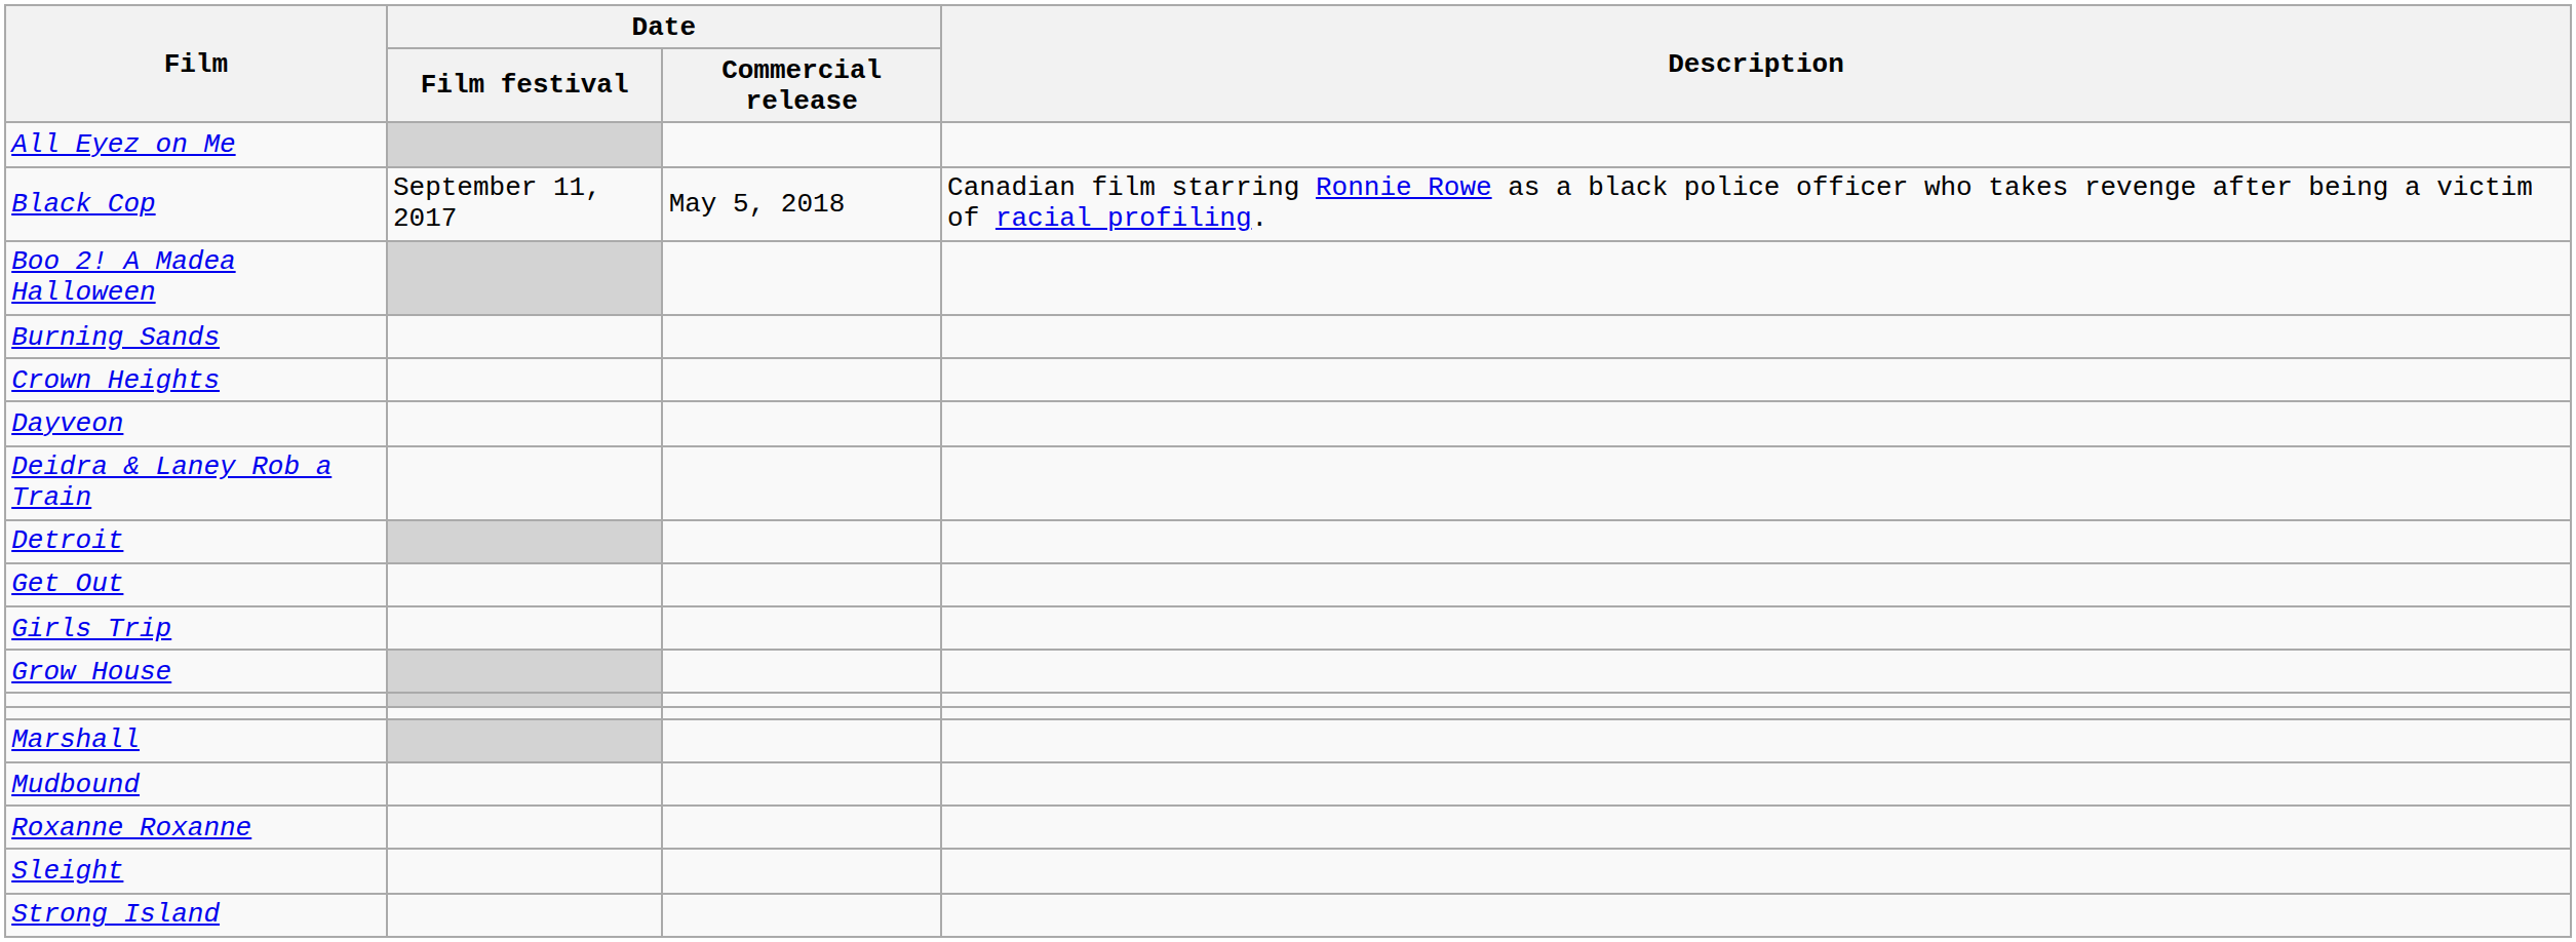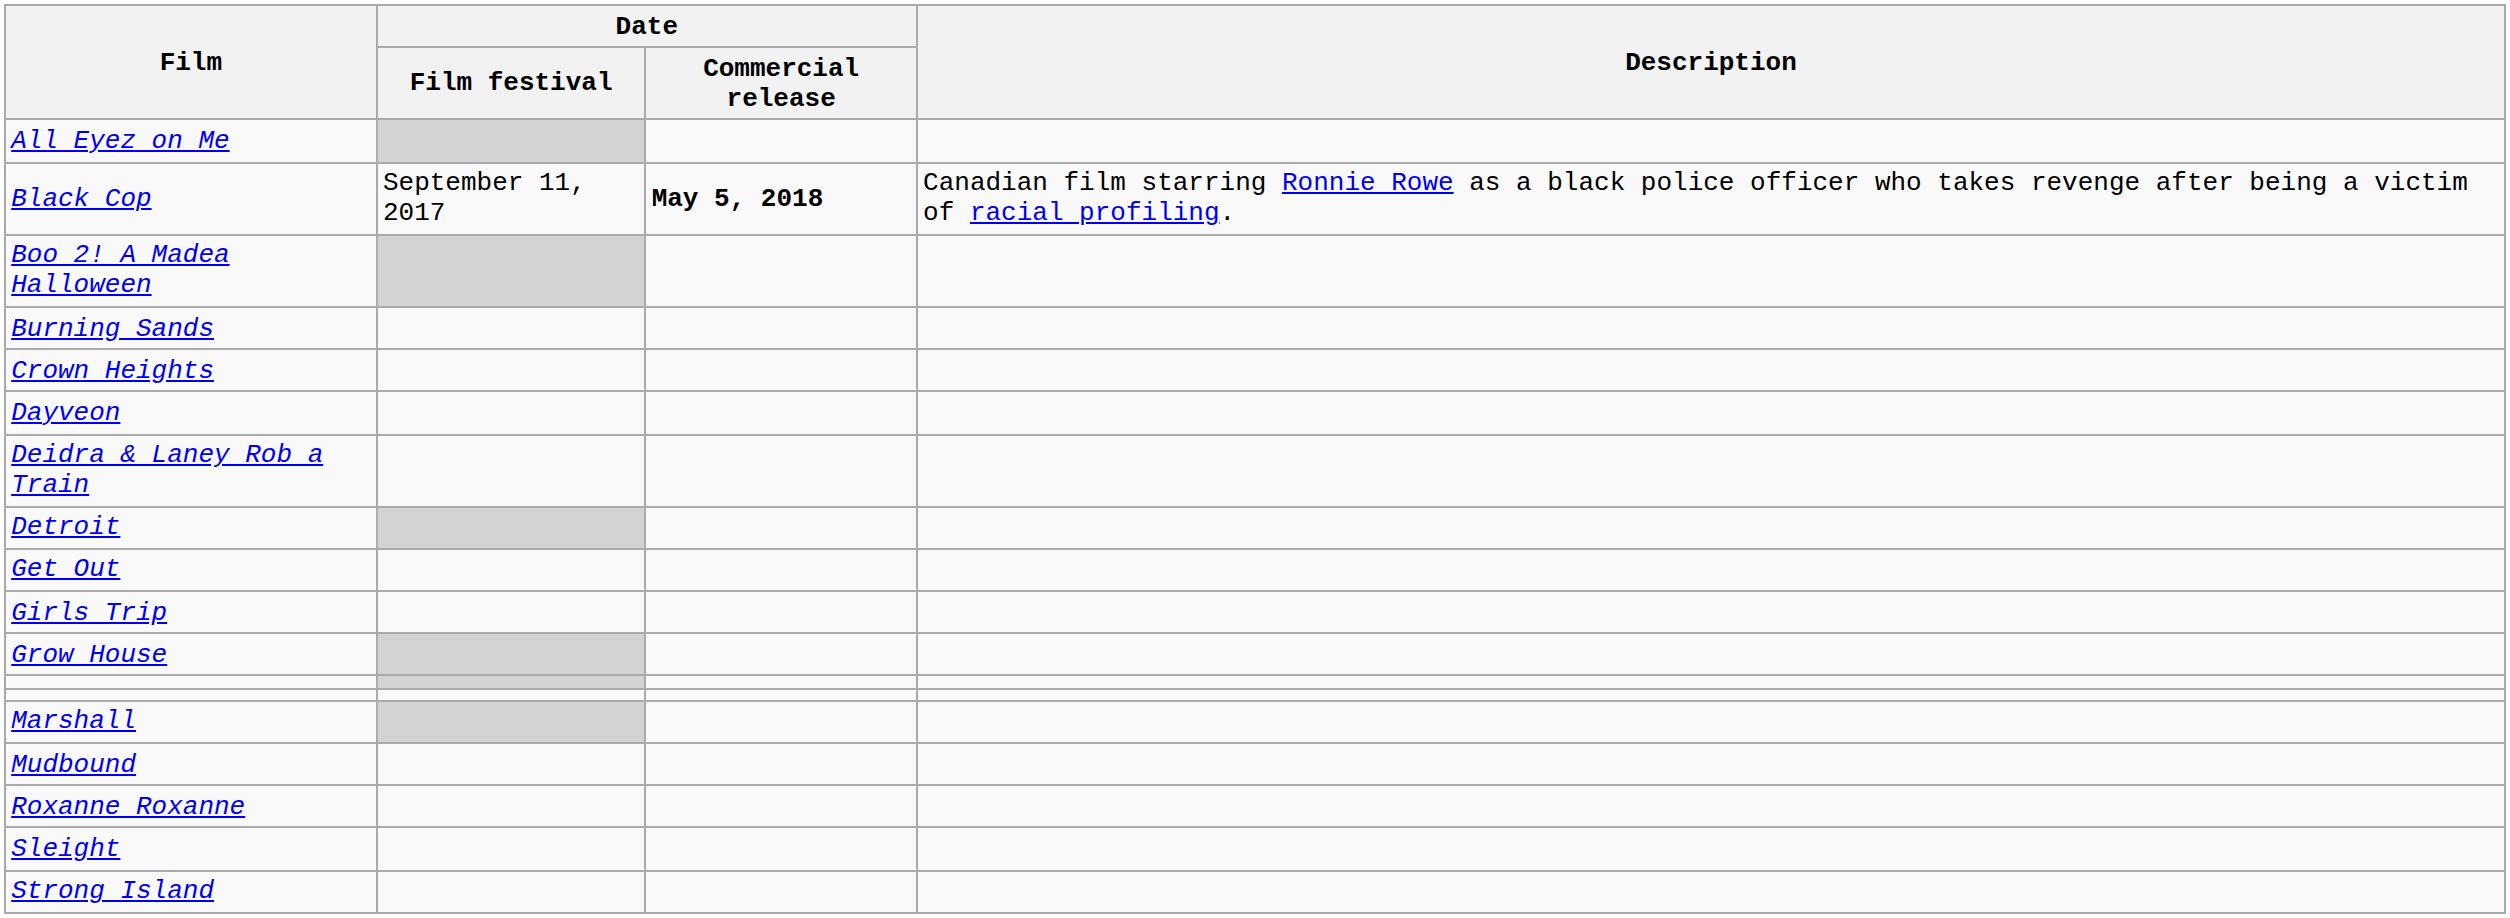 <table class="wikitable sortable">
 <tr style="background:#ccc; text-align:center;">
 <th scope="col" rowspan="2">Film</th>
 <th scope="col" colspan="2">Date</th>
 <th scope="col" rowspan="2" class="unsortable">Description</th>
 </tr>
 <tr>
 <th>Film festival</th>
 <th>Commercial release</th>
 </tr>
 <tr>
 <td><em><a href='#'>All Eyez on Me</a></em></td>
 <td style="background: lightgray"></td>
 <td></td>
 <td></td>
 </tr>
 <tr>
 <td><em><a href='#'>Black Cop</a></em></td>
 <td>September 11, 2017</td>
-<td>May 5, 2018</td>
+<td><strong>May 5, 2018</strong></td>
 <td>Canadian film starring <a href='#'>Ronnie Rowe</a> as a black police officer who takes revenge after being a victim of <a href='#'>racial profiling</a>.</td>
 </tr>
 <tr>
 <td><em><a href='#'>Boo 2! A Madea Halloween</a></em></td>
 <td style="background: lightgray"></td>
 <td></td>
 <td></td>
 </tr>
 <tr>
 <td><em><a href='#'>Burning Sands</a></em></td>
 <td></td>
 <td></td>
 <td></td>
 </tr>
 <tr>
 <td><em><a href='#'>Crown Heights</a></em></td>
 <td></td>
 <td></td>
 <td></td>
 </tr>
 <tr>
 <td><em><a href='#'>Dayveon</a></em></td>
 <td></td>
 <td></td>
 <td></td>
 </tr>
 <tr>
 <td><em><a href='#'>Deidra & Laney Rob a Train</a></em></td>
 <td></td>
 <td></td>
 <td></td>
 </tr>
 <tr>
 <td><em><a href='#'>Detroit</a></em></td>
 <td style="background: lightgray"></td>
 <td></td>
 <td></td>
 </tr>
 <tr>
 <td><em><a href='#'>Get Out</a></em></td>
 <td></td>
 <td></td>
 <td></td>
 </tr>
 <tr>
 <td><em><a href='#'>Girls Trip</a></em></td>
 <td></td>
 <td></td>
 <td></td>
 </tr>
 <tr>
 <td><em><a href='#'>Grow House</a></em></td>
 <td style="background: lightgray"></td>
 <td></td>
 <td></td>
 </tr>
 <tr>
 <td><em></em></td>
 <td style="background: lightgray"></td>
 <td></td>
 <td></td>
 </tr>
 <tr>
 <td><em></em></td>
 <td></td>
 <td></td>
 <td></td>
 </tr>
 <tr>
 <td><em><a href='#'>Marshall</a></em></td>
 <td style="background: lightgray"></td>
 <td></td>
 <td></td>
 </tr>
 <tr>
 <td><em><a href='#'>Mudbound</a></em></td>
 <td></td>
 <td></td>
 <td></td>
 </tr>
 <tr>
 <td><em><a href='#'>Roxanne Roxanne</a></em></td>
 <td></td>
 <td></td>
 <td></td>
 </tr>
 <tr>
 <td><em><a href='#'>Sleight</a></em></td>
 <td></td>
 <td></td>
 <td></td>
 </tr>
 <tr>
 <td><em><a href='#'>Strong Island</a></em></td>
 <td></td>
 <td></td>
 <td></td>
 </tr>
 </table>
